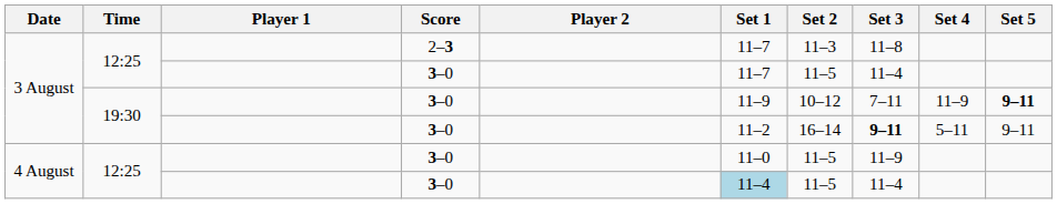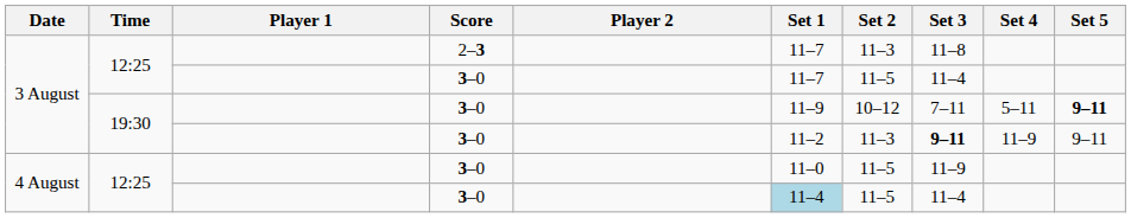 <table class="wikitable" style="text-align: center; font-size:90% ">
 <tr>
 <th width="60">Date</th>
 <th width="60">Time</th>
 <th align="right" width="200">Player 1</th>
 <th width="60">Score</th>
 <th align="left" width="200">Player 2</th>
 <th width="50">Set 1</th>
 <th width="50">Set 2</th>
 <th width="50">Set 3</th>
 <th width="50">Set 4</th>
 <th width="50">Set 5</th>
 </tr>
 <tr>
 <td rowspan=4>3 August</td>
 <td rowspan=2>12:25</td>
 <td align=left><strong></strong></td>
 <td align=center>2–<strong>3</strong></td>
 <td align=left></td>
 <td>11–7</td>
 <td>11–3</td>
 <td>11–8</td>
 <td></td>
 <td></td>
 </tr>
 <tr>
 <td align=left><strong></strong></td>
 <td align=center><strong>3</strong>–0</td>
 <td align=left></td>
 <td>11–7</td>
 <td>11–5</td>
 <td>11–4</td>
 <td></td>
 <td></td>
 </tr>
 <tr>
 <td rowspan=2>19:30</td>
 <td align=left></td>
 <td align=center><strong>3</strong>–0</td>
 <td align=left><strong></strong></td>
 <td>11–9</td>
 <td>10–12</td>
 <td>7–11</td>
-<td>11–9</td>
+<td>5–11</td>
 <td><strong>9–11</strong></td>
 </tr>
 <tr>
 <td align=left></td>
 <td align=center><strong>3</strong>–0</td>
 <td align=left><strong></strong></td>
 <td>11–2</td>
-<td>16–14</td>
+<td>11–3</td>
 <td><strong>9–11</strong></td>
-<td>5–11</td>
+<td>11–9</td>
 <td>9–11</td>
 </tr>
 <tr>
 <td rowspan=2>4 August</td>
 <td rowspan=2>12:25</td>
 <td align=left><strong></strong></td>
 <td align=center><strong>3</strong>–0</td>
 <td align=left></td>
 <td>11–0</td>
 <td>11–5</td>
 <td>11–9</td>
 <td></td>
 <td></td>
 </tr>
 <tr>
 <td align=left><strong></strong></td>
 <td align=center><strong>3</strong>–0</td>
 <td align=left></td>
 <td style="background: lightblue;">11–4</td>
 <td>11–5</td>
 <td>11–4</td>
 <td></td>
 <td></td>
 </tr>
 </table>
